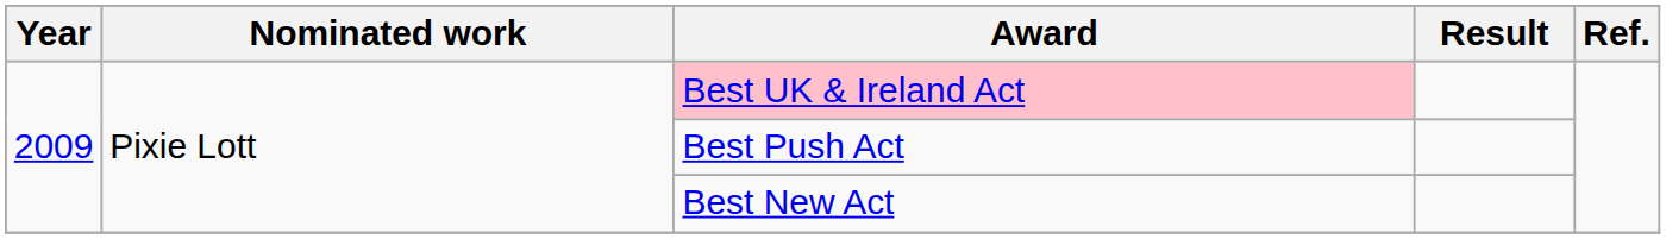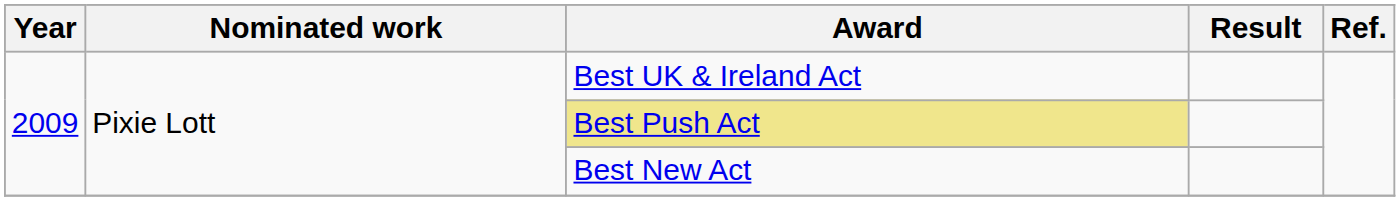 <table class="wikitable">
 <tr>
 <th>Year</th>
 <th width="250">Nominated work</th>
 <th width="325">Award</th>
 <th width="65">Result</th>
 <th>Ref.</th>
 </tr>
 <tr>
 <td align="center" rowspan=3><a href='#'>2009</a></td>
 <td rowspan=3>Pixie Lott</td>
-<td style="background: pink;"><a href='#'>Best UK & Ireland Act</a></td>
+<td><a href='#'>Best UK & Ireland Act</a></td>
 <td></td>
 <td align="center" rowspan=3></td>
 </tr>
 <tr>
-<td><a href='#'>Best Push Act</a></td>
+<td style="background: khaki;"><a href='#'>Best Push Act</a></td>
 <td></td>
 </tr>
 <tr>
 <td><a href='#'>Best New Act</a></td>
 <td></td>
 </tr>
 <tr>
 </tr>
 </table>
